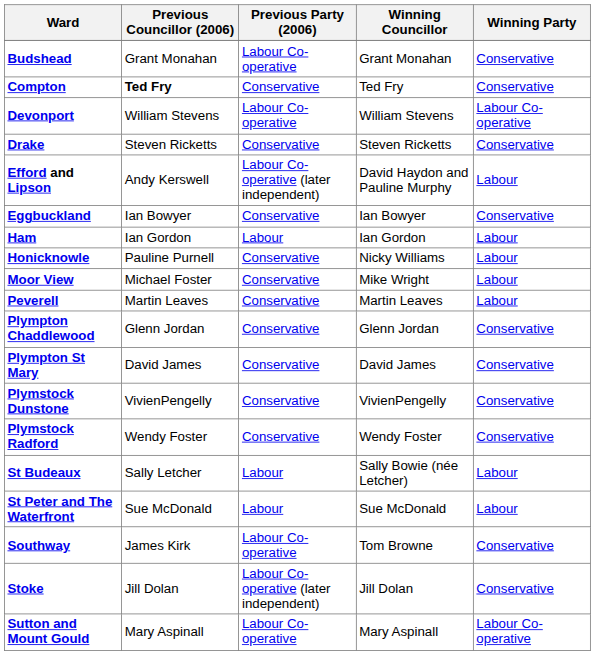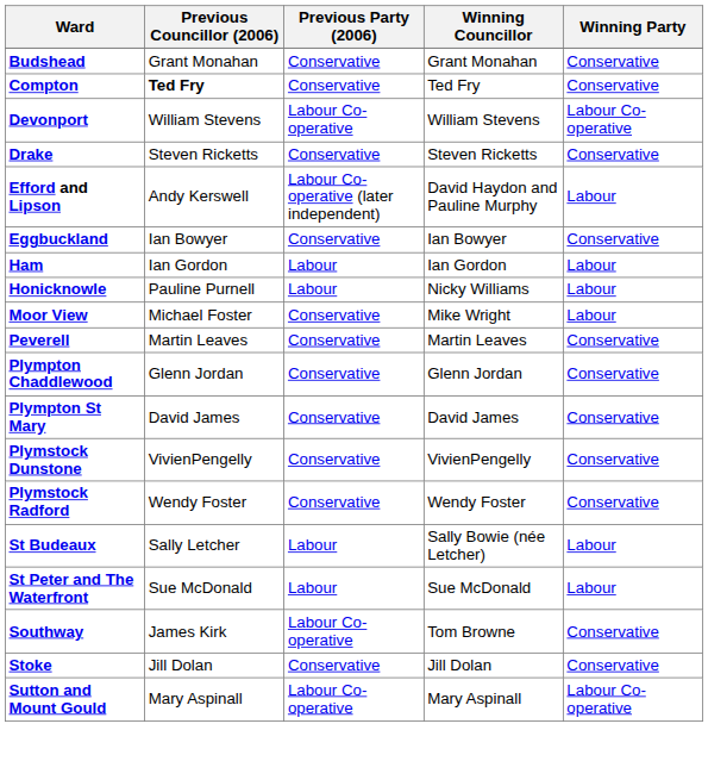 <table class=wikitable style="border-collapse:collapse;background:white;" cellpadding=5px align=left width=80% class="sortable">
 <tr style="font-weight:bold; text-align:center;">
 <th width=20% style=" border:1px solid gray;">Ward</th>
 <th width=20% style=" border:1px solid gray;">Previous Councillor (2006)</th>
 <th width=20% style=" border:1px solid gray;">Previous Party (2006)</th>
 <th width=20% style=" border:1px solid gray;">Winning Councillor</th>
 <th width=20% style=" border:1px solid gray;">Winning Party</th>
 </tr>
 <tr bgcolor=white>
 </tr>
 <tr bgcolor=white>
 <td style="border:1px solid gray; background:white; color:black"><strong><a href='#'>Budshead</a></strong></td>
 <td style="border:1px solid gray;">Grant Monahan</td>
-<td style="border:1px solid gray;"><a href='#'>Labour Co-operative</a></td>
+<td style="border:1px solid gray;"><a href='#'>Conservative</a></td>
 <td style="border:1px solid gray;">Grant Monahan</td>
 <td style="border:1px solid gray;"><a href='#'>Conservative</a></td>
 </tr>
 <tr bgcolor=white>
 <td style="border:1px solid gray; background:white; color:black"><strong><a href='#'>Compton</a></strong></td>
 <td style="border:1px solid gray;"><strong>Ted Fry</strong></td>
 <td style="border:1px solid gray;"><a href='#'>Conservative</a></td>
 <td style="border:1px solid gray;">Ted Fry</td>
 <td style="border:1px solid gray;"><a href='#'>Conservative</a></td>
 </tr>
 <tr bgcolor=white>
 <td style="border:1px solid gray; background:white; color:black"><strong><a href='#'>Devonport</a></strong></td>
 <td style="border:1px solid gray;">William Stevens</td>
 <td style="border:1px solid gray;"><a href='#'>Labour Co-operative</a></td>
 <td style="border:1px solid gray;">William Stevens</td>
 <td style="border:1px solid gray;"><a href='#'>Labour Co-operative</a></td>
 </tr>
 <tr bgcolor=white>
 <td style="border:1px solid gray; background:white; color:black"><strong><a href='#'>Drake</a></strong></td>
 <td style="border:1px solid gray;">Steven Ricketts</td>
 <td style="border:1px solid gray;"><a href='#'>Conservative</a></td>
 <td style="border:1px solid gray;">Steven Ricketts</td>
 <td style="border:1px solid gray;"><a href='#'>Conservative</a></td>
 </tr>
 <tr>
 <td style="border:1px solid gray; background:white; color:black"><strong><a href='#'>Efford</a> and <a href='#'>Lipson</a></strong></td>
 <td style="border:1px solid gray;">Andy Kerswell</td>
 <td style="border:1px solid gray;"><a href='#'>Labour Co-operative</a> (later independent)</td>
 <td style="border:1px solid gray;">David Haydon and Pauline Murphy</td>
 <td style="border:1px solid gray;"><a href='#'>Labour</a></td>
 </tr>
 <tr bgcolor=white>
 <td style="border:1px solid gray; background:white; color:black"><strong><a href='#'>Eggbuckland</a></strong></td>
 <td style="border:1px solid gray;">Ian Bowyer</td>
 <td style="border:1px solid gray;"><a href='#'>Conservative</a></td>
 <td style="border:1px solid gray;">Ian Bowyer</td>
 <td style="border:1px solid gray;"><a href='#'>Conservative</a></td>
 </tr>
 <tr bgcolor=white>
 <td style="border:1px solid gray; background:white; color:black"><strong><a href='#'>Ham</a></strong></td>
 <td style="border:1px solid gray;">Ian Gordon</td>
 <td style="border:1px solid gray;"><a href='#'>Labour</a></td>
 <td style="border:1px solid gray;">Ian Gordon</td>
 <td style="border:1px solid gray;"><a href='#'>Labour</a></td>
 </tr>
 <tr bgcolor=white>
 <td style="border:1px solid gray; background:white; color:black"><strong><a href='#'>Honicknowle</a></strong></td>
 <td style="border:1px solid gray;">Pauline Purnell</td>
-<td style="border:1px solid gray;"><a href='#'>Conservative</a></td>
+<td style="border:1px solid gray;"><a href='#'>Labour</a></td>
 <td style="border:1px solid gray;">Nicky Williams</td>
 <td style="border:1px solid gray;"><a href='#'>Labour</a></td>
 </tr>
 <tr>
 <td style="border:1px solid gray; background:white; color:black"><strong><a href='#'>Moor View</a></strong></td>
 <td style="border:1px solid gray;">Michael Foster</td>
 <td style="border:1px solid gray;"><a href='#'>Conservative</a></td>
 <td style="border:1px solid gray;">Mike Wright</td>
 <td style="border:1px solid gray;"><a href='#'>Labour</a></td>
 </tr>
 <tr bgcolor=white>
 <td style="border:1px solid gray; background:white; color:black"><strong><a href='#'>Peverell</a></strong></td>
 <td style="border:1px solid gray;">Martin Leaves</td>
 <td style="border:1px solid gray;"><a href='#'>Conservative</a></td>
 <td style="border:1px solid gray;">Martin Leaves</td>
-<td style="border:1px solid gray;"><a href='#'>Labour</a></td>
+<td style="border:1px solid gray;"><a href='#'>Conservative</a></td>
 </tr>
 <tr bgcolor=white>
 <td style="border:1px solid gray; background:white; color:black"><strong><a href='#'>Plympton Chaddlewood</a></strong></td>
 <td style="border:1px solid gray;">Glenn Jordan</td>
 <td style="border:1px solid gray;"><a href='#'>Conservative</a></td>
 <td style="border:1px solid gray;">Glenn Jordan</td>
 <td style="border:1px solid gray;"><a href='#'>Conservative</a></td>
 </tr>
 <tr bgcolor=white>
 <td style="border:1px solid gray; background:white; color:black"><strong><a href='#'>Plympton St Mary</a></strong></td>
 <td style="border:1px solid gray;">David James</td>
 <td style="border:1px solid gray;"><a href='#'>Conservative</a></td>
 <td style="border:1px solid gray;">David James</td>
 <td style="border:1px solid gray;"><a href='#'>Conservative</a></td>
 </tr>
 <tr bgcolor=white>
 <td style="border:1px solid gray; background:white; color:black"><strong><a href='#'>Plymstock Dunstone</a></strong></td>
 <td style="border:1px solid gray;">VivienPengelly</td>
 <td style="border:1px solid gray;"><a href='#'>Conservative</a></td>
 <td style="border:1px solid gray;">VivienPengelly</td>
 <td style="border:1px solid gray;"><a href='#'>Conservative</a></td>
 </tr>
 <tr bgcolor=white>
 <td style="border:1px solid gray; background:white; color:black"><strong><a href='#'>Plymstock Radford</a></strong></td>
 <td style="border:1px solid gray;">Wendy Foster</td>
 <td style="border:1px solid gray;"><a href='#'>Conservative</a></td>
 <td style="border:1px solid gray;">Wendy Foster</td>
 <td style="border:1px solid gray;"><a href='#'>Conservative</a></td>
 </tr>
 <tr bgcolor=white>
 <td style="border:1px solid gray; background:white; color:black"><strong><a href='#'>St Budeaux</a></strong></td>
 <td style="border:1px solid gray;">Sally Letcher</td>
 <td style="border:1px solid gray;"><a href='#'>Labour</a></td>
 <td style="border:1px solid gray;">Sally Bowie (née Letcher)</td>
 <td style="border:1px solid gray;"><a href='#'>Labour</a></td>
 </tr>
 <tr bgcolor=white>
 <td style="border:1px solid gray; background:white; color:black"><strong><a href='#'>St Peter and The Waterfront</a></strong></td>
 <td style="border:1px solid gray;">Sue McDonald</td>
 <td style="border:1px solid gray;"><a href='#'>Labour</a></td>
 <td style="border:1px solid gray;">Sue McDonald</td>
 <td style="border:1px solid gray;"><a href='#'>Labour</a></td>
 </tr>
 <tr>
 <td style="border:1px solid gray; background:white; color:black"><strong><a href='#'>Southway</a></strong></td>
 <td style="border:1px solid gray;">James Kirk</td>
 <td style="border:1px solid gray;"><a href='#'>Labour Co-operative</a></td>
 <td style="border:1px solid gray;">Tom Browne</td>
 <td style="border:1px solid gray;"><a href='#'>Conservative</a></td>
 </tr>
 <tr bgcolor=white>
 <td style="border:1px solid gray; background:white; color:black"><strong><a href='#'>Stoke</a></strong></td>
 <td style="border:1px solid gray;">Jill Dolan</td>
-<td style="border:1px solid gray;"><a href='#'>Labour Co-operative</a> (later independent)</td>
+<td style="border:1px solid gray;"><a href='#'>Conservative</a></td>
 <td style="border:1px solid gray;">Jill Dolan</td>
 <td style="border:1px solid gray;"><a href='#'>Conservative</a></td>
 </tr>
 <tr bgcolor=white>
 <td style="border:1px solid gray; background:white; color:black"><strong><a href='#'>Sutton and Mount Gould</a></strong></td>
 <td style="border:1px solid gray;">Mary Aspinall</td>
 <td style="border:1px solid gray;"><a href='#'>Labour Co-operative</a></td>
 <td style="border:1px solid gray;">Mary Aspinall</td>
 <td style="border:1px solid gray;"><a href='#'>Labour Co-operative</a></td>
 </tr>
 </table>
